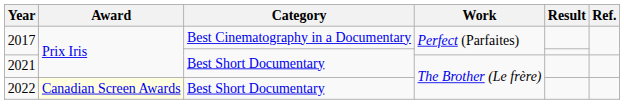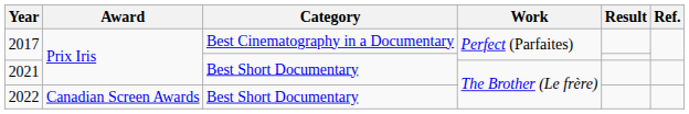 <table class="wikitable">
 <tr>
 <th>Year</th>
 <th>Award</th>
 <th>Category</th>
 <th>Work</th>
 <th>Result</th>
 <th>Ref.</th>
 </tr>
 <tr>
 <td rowspan="2">2017</td>
 <td rowspan=3><a href='#'>Prix Iris</a></td>
 <td><a href='#'>Best Cinematography in a Documentary</a></td>
 <td rowspan="2"><em><a href='#'>Perfect</a></em> (Parfaites)</td>
 <td></td>
 <td rowspan="2"></td>
 </tr>
 <tr>
 <td rowspan=2><a href='#'>Best Short Documentary</a></td>
 <td></td>
 </tr>
 <tr>
 <td>2021</td>
 <td rowspan=2><em><a href='#'>The Brother</a> (Le frère)</em></td>
 <td></td>
 <td></td>
 </tr>
 <tr>
 <td>2022</td>
-<td style="background: lightyellow;"><a href='#'>Canadian Screen Awards</a></td>
+<td><a href='#'>Canadian Screen Awards</a></td>
 <td><a href='#'>Best Short Documentary</a></td>
 <td></td>
 <td></td>
 </tr>
 </table>
